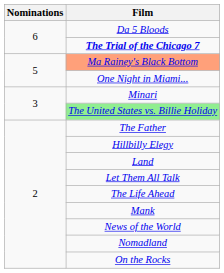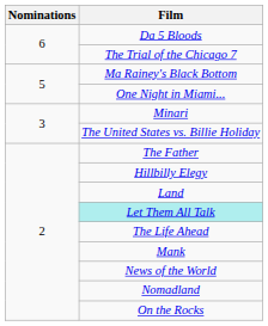 <table class="wikitable plainrowheaders" style="text-align:center;">
 <tr>
 <th scope="col" style="width:55px;">Nominations</th>
 <th scope="col" style="text-align:center;">Film</th>
 </tr>
 <tr>
 <td rowspan="2" scope="row" style="text-align:center">6</td>
 <td><em><a href='#'>Da 5 Bloods</a></em></td>
 </tr>
 <tr>
-<td><strong><em><a href='#'>The Trial of the Chicago 7</a></em></strong></td>
+<td><em><a href='#'>The Trial of the Chicago 7</a></em></td>
 </tr>
 <tr>
 <td rowspan="2" scope="row" style="text-align:center">5</td>
-<td style="background: lightsalmon;"><em><a href='#'>Ma Rainey's Black Bottom</a></em></td>
+<td><em><a href='#'>Ma Rainey's Black Bottom</a></em></td>
 </tr>
 <tr>
 <td><em><a href='#'>One Night in Miami...</a></em></td>
 </tr>
 <tr>
 <td scope=row rowspan=2 style="text-align:center;">3</td>
 <td><em><a href='#'>Minari</a></em></td>
 </tr>
 <tr>
-<td style="background: lightgreen;"><em><a href='#'>The United States vs. Billie Holiday</a></em></td>
+<td><em><a href='#'>The United States vs. Billie Holiday</a></em></td>
 </tr>
 <tr>
 <td scope=row rowspan=9 style="text-align:center;">2</td>
 <td><em><a href='#'>The Father</a></em></td>
 </tr>
 <tr>
 <td><em><a href='#'>Hillbilly Elegy</a></em></td>
 </tr>
 <tr>
 <td><em><a href='#'>Land</a></em></td>
 </tr>
 <tr>
-<td><em><a href='#'>Let Them All Talk</a></em></td>
+<td style="background: paleturquoise;"><em><a href='#'>Let Them All Talk</a></em></td>
 </tr>
 <tr>
 <td><em><a href='#'>The Life Ahead</a></em></td>
 </tr>
 <tr>
 <td><em><a href='#'>Mank</a></em></td>
 </tr>
 <tr>
 <td><em><a href='#'>News of the World</a></em></td>
 </tr>
 <tr>
 <td><em><a href='#'>Nomadland</a></em></td>
 </tr>
 <tr>
 <td><em><a href='#'>On the Rocks</a></em></td>
 </tr>
 </table>
